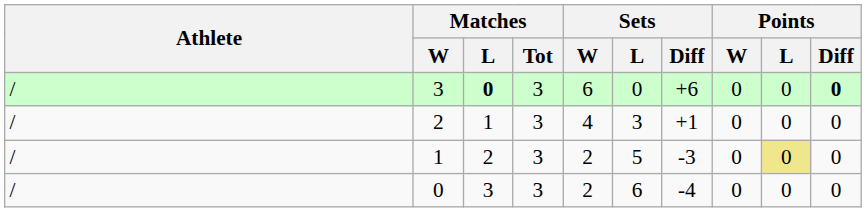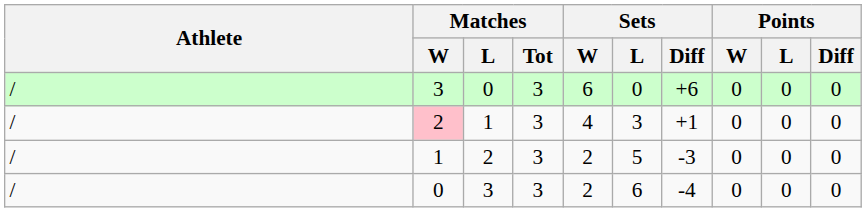 <table class=wikitable style="text-align:center">
 <tr>
 <th rowspan=2 width=300>Athlete</th>
 <th colspan=3 width=90>Matches</th>
 <th colspan=3 width=90>Sets</th>
 <th colspan=3 width=90>Points</th>
 </tr>
 <tr>
 <th width=30>W</th>
 <th width=30>L</th>
 <th width=30>Tot</th>
 <th width=30>W</th>
 <th width=30>L</th>
 <th width=30>Diff</th>
 <th width=30>W</th>
 <th width=30>L</th>
 <th width=30>Diff</th>
 </tr>
 <tr bgcolor=ccffcc>
 <td style="text-align:left">/</td>
 <td>3</td>
-<td><strong>0</strong></td>
+<td>0</td>
 <td>3</td>
 <td>6</td>
 <td>0</td>
 <td>+6</td>
 <td>0</td>
 <td>0</td>
-<td><strong>0</strong></td>
+<td>0</td>
 </tr>
 <tr>
 <td style="text-align:left">/</td>
-<td>2</td>
+<td style="background: pink;">2</td>
 <td>1</td>
 <td>3</td>
 <td>4</td>
 <td>3</td>
 <td>+1</td>
 <td>0</td>
 <td>0</td>
 <td>0</td>
 </tr>
 <tr>
 <td style="text-align:left">/</td>
 <td>1</td>
 <td>2</td>
 <td>3</td>
 <td>2</td>
 <td>5</td>
 <td>-3</td>
 <td>0</td>
-<td style="background: khaki;">0</td>
+<td>0</td>
 <td>0</td>
 </tr>
 <tr>
 <td style="text-align:left">/</td>
 <td>0</td>
 <td>3</td>
 <td>3</td>
 <td>2</td>
 <td>6</td>
 <td>-4</td>
 <td>0</td>
 <td>0</td>
 <td>0</td>
 </tr>
 </table>
